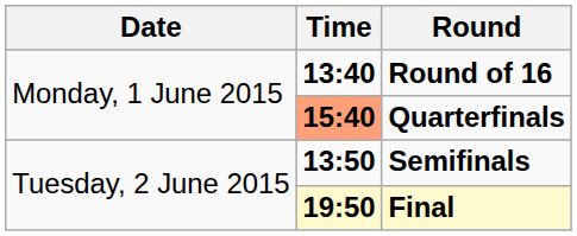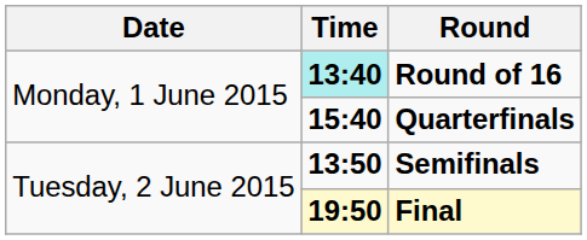 <table class="wikitable">
 <tr>
 <th>Date</th>
 <th>Time</th>
 <th>Round</th>
 </tr>
 <tr>
 <td rowspan="2">Monday, 1 June 2015</td>
-<td><strong>13:40</strong></td>
+<td style="background: paleturquoise;"><strong>13:40</strong></td>
 <td><strong>Round of 16</strong></td>
 </tr>
 <tr>
-<td style="background: lightsalmon;"><strong>15:40</strong></td>
+<td><strong>15:40</strong></td>
 <td><strong>Quarterfinals</strong></td>
 </tr>
 <tr>
 <td rowspan="2">Tuesday, 2 June 2015</td>
 <td><strong>13:50</strong></td>
 <td><strong>Semifinals</strong></td>
 </tr>
 <tr style="background:lemonchiffon;">
 <td><strong>19:50</strong></td>
 <td><strong>Final</strong></td>
 </tr>
 </table>
